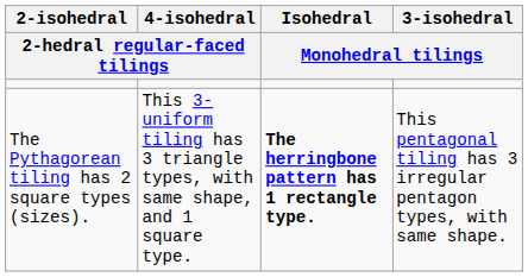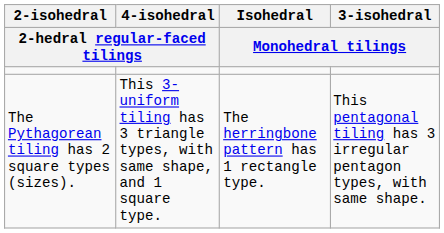 <table class=wikitable width=400>
 <tr>
 <th>2-isohedral</th>
 <th>4-isohedral</th>
 <th>Isohedral</th>
 <th>3-isohedral</th>
 </tr>
 <tr>
 <th colspan=2>2-hedral <a href='#'>regular-faced tilings</a></th>
 <th colspan=2><a href='#'>Monohedral tilings</a></th>
 </tr>
 <tr>
 <td></td>
 <td></td>
 <td></td>
 <td></td>
 </tr>
 <tr>
 <td>The <a href='#'>Pythagorean tiling</a> has 2 square types (sizes).</td>
 <td>This <a href='#'>3-uniform tiling</a> has 3 triangle types, with same shape, and 1 square type.</td>
-<td><strong>The <a href='#'>herringbone pattern</a> has 1 rectangle type.</strong></td>
+<td>The <a href='#'>herringbone pattern</a> has 1 rectangle type.</td>
 <td>This <a href='#'>pentagonal tiling</a> has 3 irregular pentagon types, with same shape.</td>
 </tr>
 </table>
